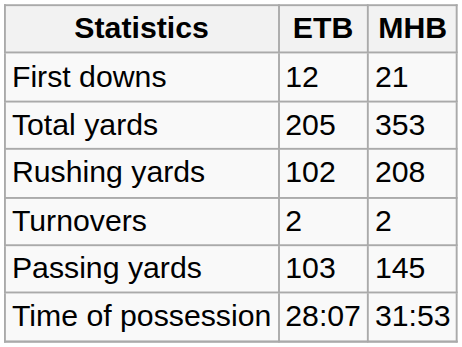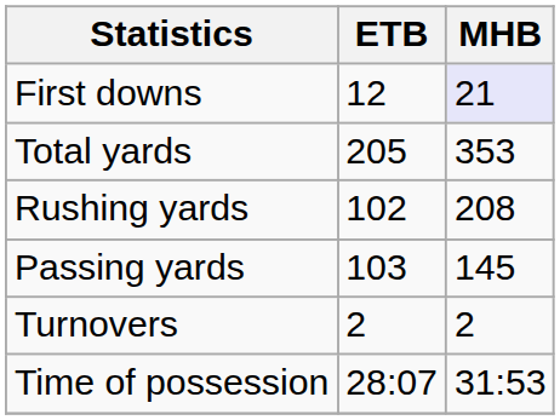 <table class="wikitable" style="float: left;">
 <tr>
 <th>Statistics</th>
 <th>ETB</th>
 <th>MHB</th>
 </tr>
 <tr>
 <td>First downs</td>
 <td>12</td>
-<td>21</td>
+<td style="background: lavender;">21</td>
 </tr>
 <tr>
 <td>Total yards</td>
 <td>205</td>
 <td>353</td>
 </tr>
 <tr>
 <td>Rushing yards</td>
 <td>102</td>
 <td>208</td>
 </tr>
 <tr>
+<td>Passing yards</td>
+<td>103</td>
+<td>145</td>
+</tr>
+<tr>
 <td>Turnovers</td>
 <td>2</td>
 <td>2</td>
-</tr>
-<tr>
-<td>Passing yards</td>
-<td>103</td>
-<td>145</td>
 </tr>
 <tr>
 <td>Time of possession</td>
 <td>28:07</td>
 <td>31:53</td>
 </tr>
 <tr>
 </tr>
 </table>
